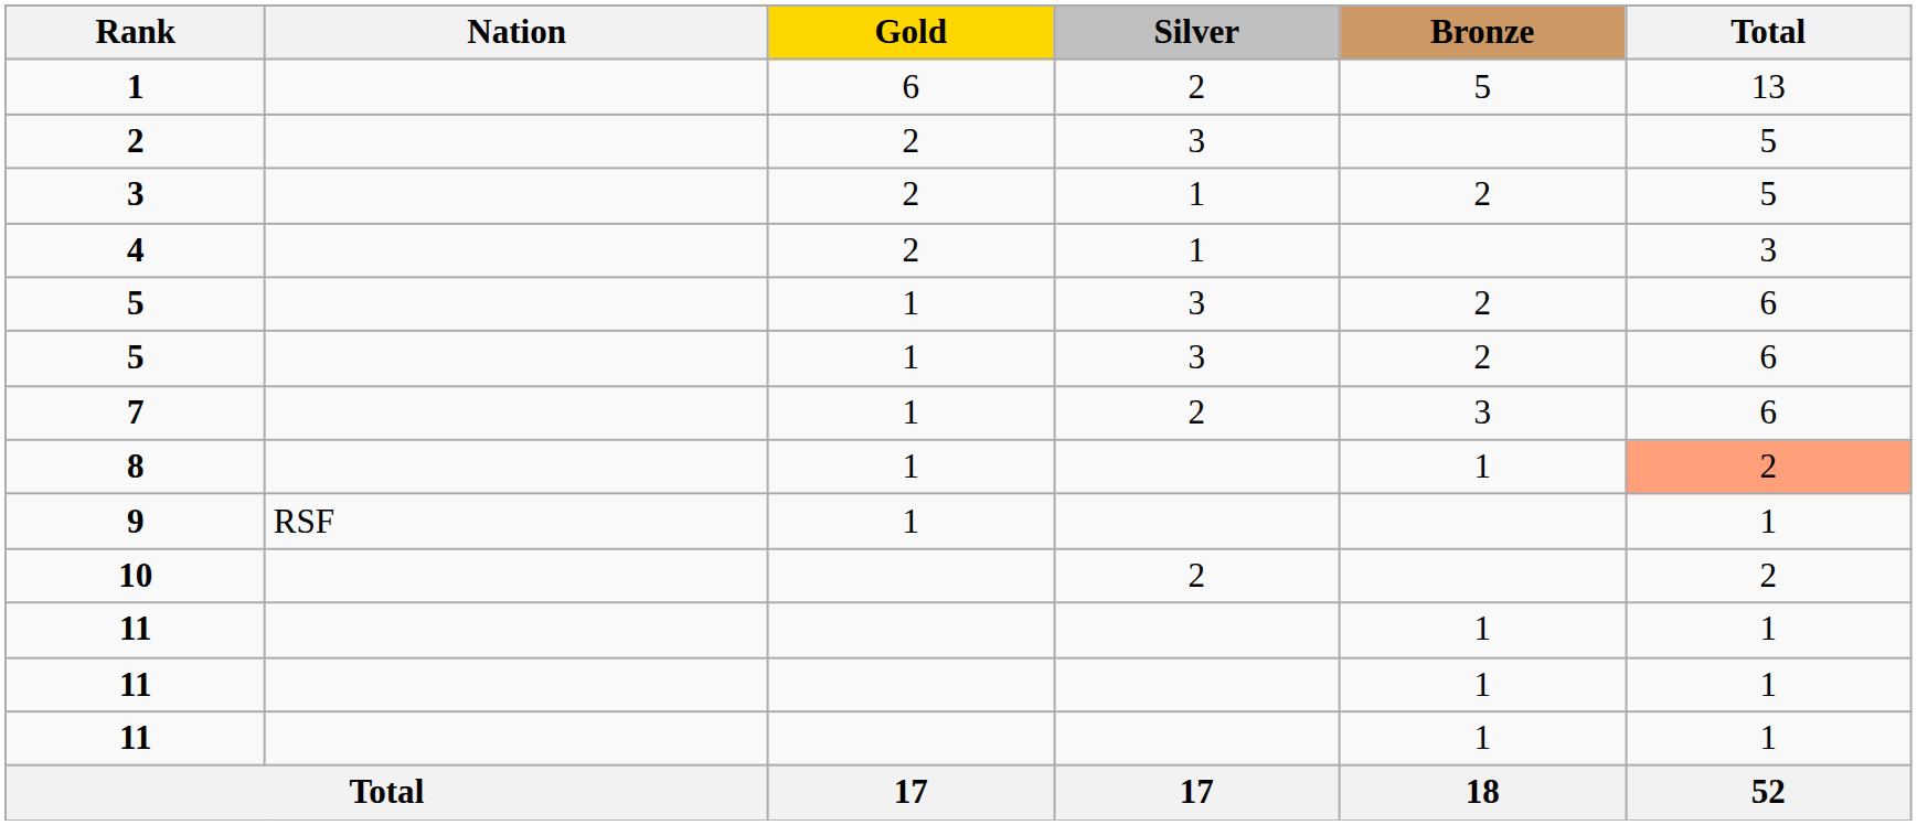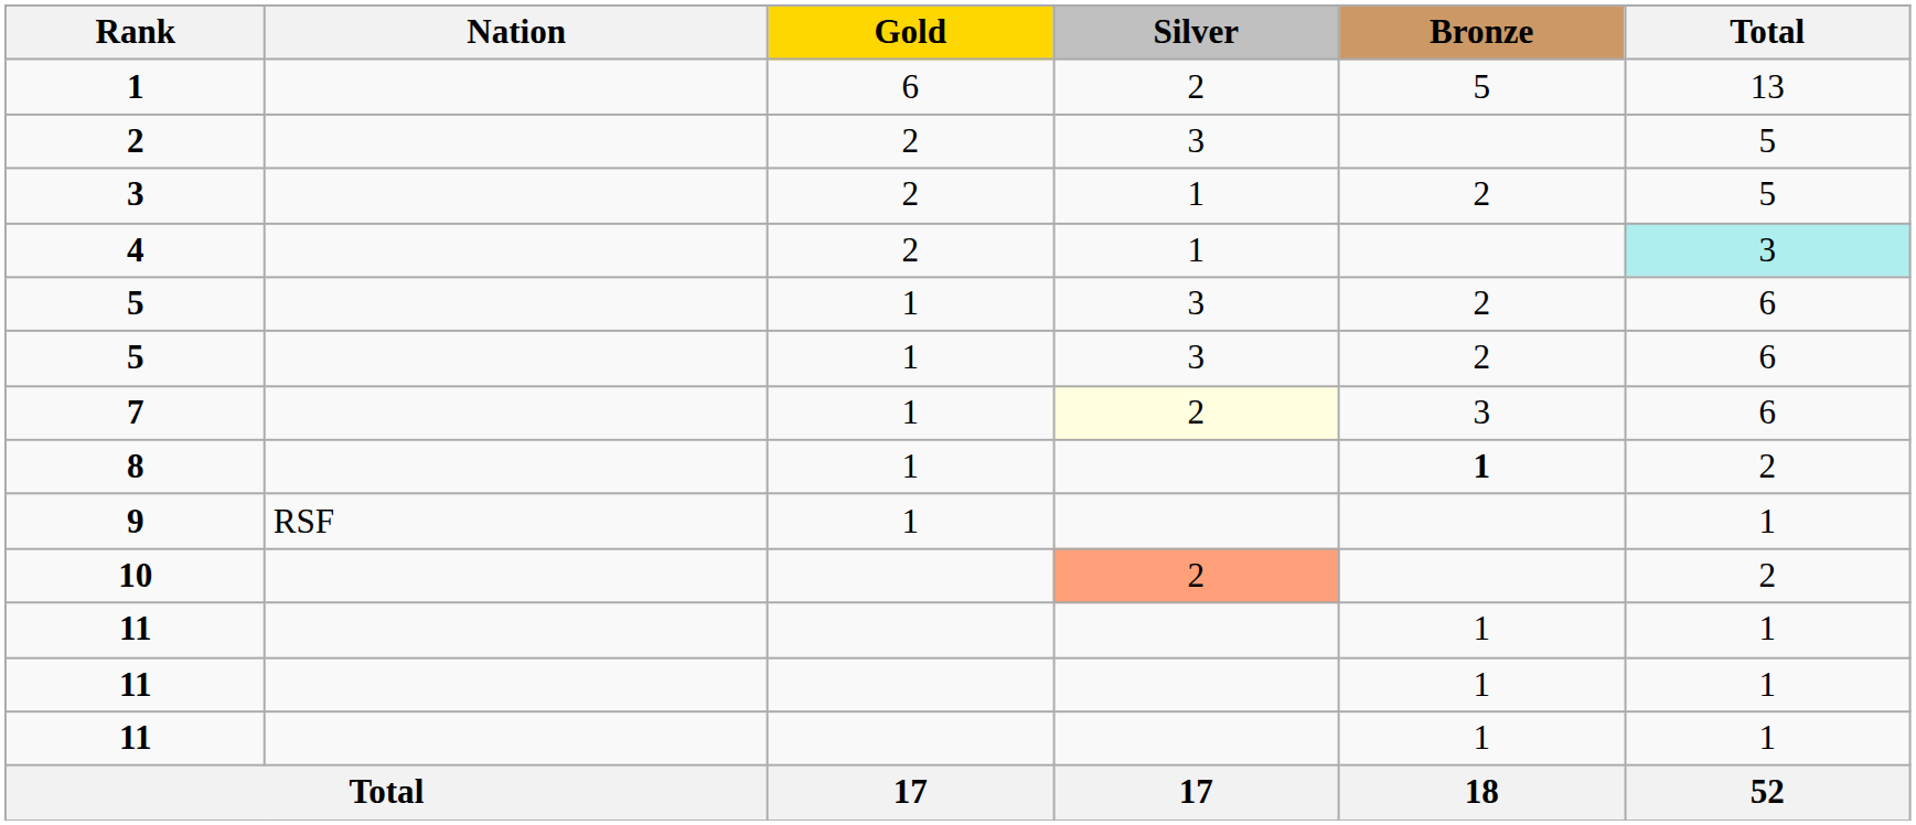 <table class="wikitable collapsible autocollapse plainrowheaders" width=70.5% style="text-align:center;">
 <tr style="background-color:#EDEDED;">
 <th width=100px class="hintergrundfarbe5">Rank</th>
 <th width=200px class="hintergrundfarbe6">Nation</th>
 <th style="background:    gold; width:15%">Gold</th>
 <th style="background:  silver; width:15%">Silver</th>
 <th style="background: #CC9966; width:15%">Bronze</th>
 <th class="hintergrundfarbe6" style="width:15%">Total</th>
 </tr>
 <tr>
 <td><strong>1</strong></td>
 <td align=left></td>
 <td>6</td>
 <td>2</td>
 <td>5</td>
 <td>13</td>
 </tr>
 <tr>
 <td><strong>2</strong></td>
 <td align=left></td>
 <td>2</td>
 <td>3</td>
 <td></td>
 <td>5</td>
 </tr>
 <tr>
 <td><strong>3</strong></td>
 <td align=left></td>
 <td>2</td>
 <td>1</td>
 <td>2</td>
 <td>5</td>
 </tr>
 <tr>
 <td><strong>4</strong></td>
 <td align=left></td>
 <td>2</td>
 <td>1</td>
 <td></td>
-<td>3</td>
+<td style="background: paleturquoise;">3</td>
 </tr>
 <tr>
 <td><strong>5</strong></td>
 <td align=left></td>
 <td>1</td>
 <td>3</td>
 <td>2</td>
 <td>6</td>
 </tr>
 <tr>
 <td><strong>5</strong></td>
 <td align=left></td>
 <td>1</td>
 <td>3</td>
 <td>2</td>
 <td>6</td>
 </tr>
 <tr>
 <td><strong>7</strong></td>
 <td align=left></td>
 <td>1</td>
-<td>2</td>
+<td style="background: lightyellow;">2</td>
 <td>3</td>
 <td>6</td>
 </tr>
 <tr>
 <td><strong>8</strong></td>
 <td align=left></td>
 <td>1</td>
 <td></td>
-<td>1</td>
-<td style="background: lightsalmon;">2</td>
+<td><strong>1</strong></td>
+<td>2</td>
 </tr>
 <tr>
 <td><strong>9</strong></td>
 <td align=left>RSF</td>
 <td>1</td>
 <td></td>
 <td></td>
 <td>1</td>
 </tr>
 <tr>
 <td><strong>10</strong></td>
 <td align=left></td>
 <td></td>
-<td>2</td>
+<td style="background: lightsalmon;">2</td>
 <td></td>
 <td>2</td>
 </tr>
 <tr>
 <td><strong>11</strong></td>
 <td align=left></td>
 <td></td>
 <td></td>
 <td>1</td>
 <td>1</td>
 </tr>
 <tr>
 <td><strong>11</strong></td>
 <td align=left></td>
 <td></td>
 <td></td>
 <td>1</td>
 <td>1</td>
 </tr>
 <tr>
 <td><strong>11</strong></td>
 <td align=left></td>
 <td></td>
 <td></td>
 <td>1</td>
 <td>1</td>
 </tr>
 <tr>
 <th colspan=2>Total</th>
 <th>17</th>
 <th>17</th>
 <th>18</th>
 <th>52</th>
 </tr>
 </table>
